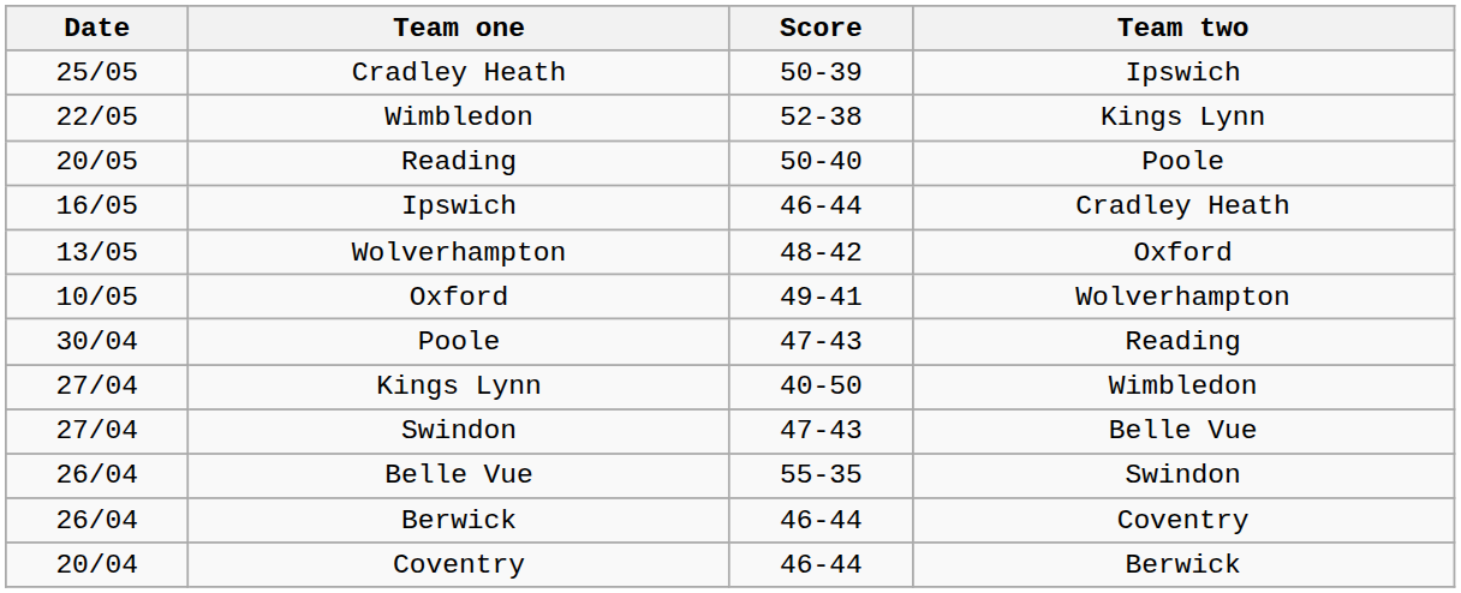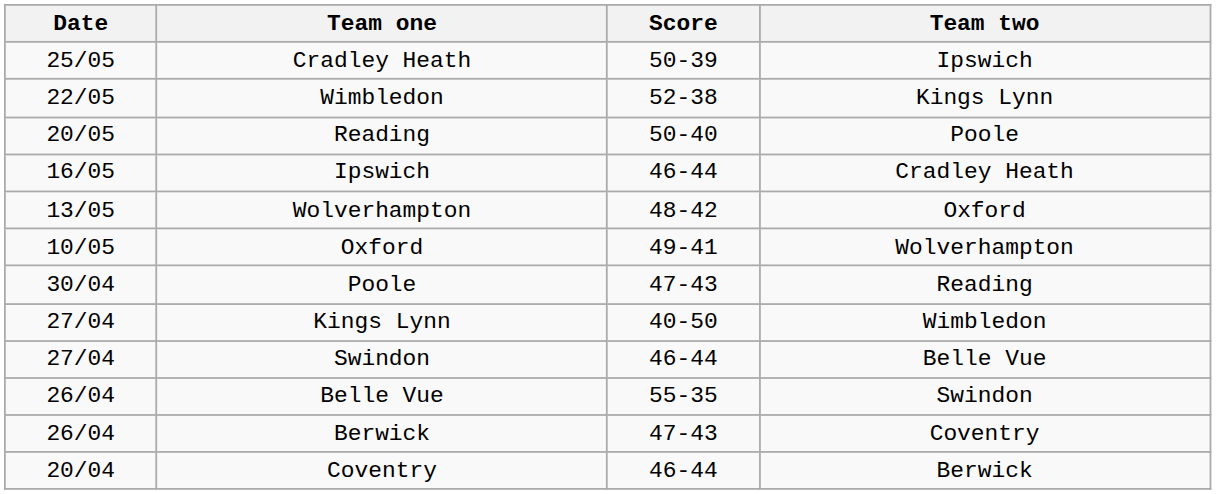 <table class="wikitable" style="text-align: center">
 <tr>
 <th width=80>Date</th>
 <th width=250>Team one</th>
 <th width=80>Score</th>
 <th width=250>Team two</th>
 </tr>
 <tr>
 <td>25/05</td>
 <td>Cradley Heath</td>
 <td>50-39</td>
 <td>Ipswich</td>
 </tr>
 <tr>
 <td>22/05</td>
 <td>Wimbledon</td>
 <td>52-38</td>
 <td>Kings Lynn</td>
 </tr>
 <tr>
 <td>20/05</td>
 <td>Reading</td>
 <td>50-40</td>
 <td>Poole</td>
 </tr>
 <tr>
 <td>16/05</td>
 <td>Ipswich</td>
 <td>46-44</td>
 <td>Cradley Heath</td>
 </tr>
 <tr>
 <td>13/05</td>
 <td>Wolverhampton</td>
 <td>48-42</td>
 <td>Oxford</td>
 </tr>
 <tr>
 <td>10/05</td>
 <td>Oxford</td>
 <td>49-41</td>
 <td>Wolverhampton</td>
 </tr>
 <tr>
 <td>30/04</td>
 <td>Poole</td>
 <td>47-43</td>
 <td>Reading</td>
 </tr>
 <tr>
 <td>27/04</td>
 <td>Kings Lynn</td>
 <td>40-50</td>
 <td>Wimbledon</td>
 </tr>
 <tr>
 <td>27/04</td>
 <td>Swindon</td>
-<td>47-43</td>
+<td>46-44</td>
 <td>Belle Vue</td>
 </tr>
 <tr>
 <td>26/04</td>
 <td>Belle Vue</td>
 <td>55-35</td>
 <td>Swindon</td>
 </tr>
 <tr>
 <td>26/04</td>
 <td>Berwick</td>
-<td>46-44</td>
+<td>47-43</td>
 <td>Coventry</td>
 </tr>
 <tr>
 <td>20/04</td>
 <td>Coventry</td>
 <td>46-44</td>
 <td>Berwick</td>
 </tr>
 </table>
